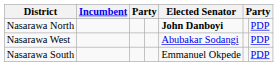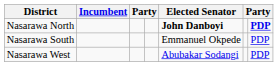 <table class="sortable wikitable" style="font-size:95%;line-height:14px;">
 <tr>
 <th class="unsortable">District</th>
 <th class="unsortable"><a href='#'>Incumbent</a></th>
 <th colspan="2">Party</th>
 <th class="unsortable">Elected Senator</th>
 <th colspan="2">Party</th>
 </tr>
 <tr>
 <td>Nasarawa North</td>
 <td></td>
 <td></td>
 <td></td>
 <td><strong>John Danboyi</strong></td>
 <td style="background:"></td>
+<td><strong><a href='#'>PDP</a></strong></td>
+</tr>
+<tr>
+<td>Nasarawa South</td>
+<td></td>
+<td></td>
+<td></td>
+<td>Emmanuel Okpede</td>
+<td style="background:"></td>
 <td><a href='#'>PDP</a></td>
 </tr>
 <tr>
 <td>Nasarawa West</td>
 <td></td>
 <td></td>
 <td></td>
 <td><a href='#'>Abubakar Sodangi</a></td>
 <td style="background:"></td>
 <td><a href='#'>PDP</a></td>
 </tr>
-<tr>
-<td>Nasarawa South</td>
-<td></td>
-<td></td>
-<td></td>
-<td>Emmanuel Okpede</td>
-<td style="background:"></td>
-<td><a href='#'>PDP</a></td>
-</tr>
 </table>
